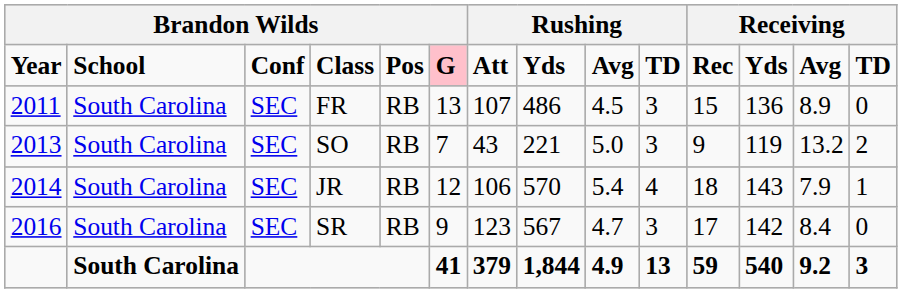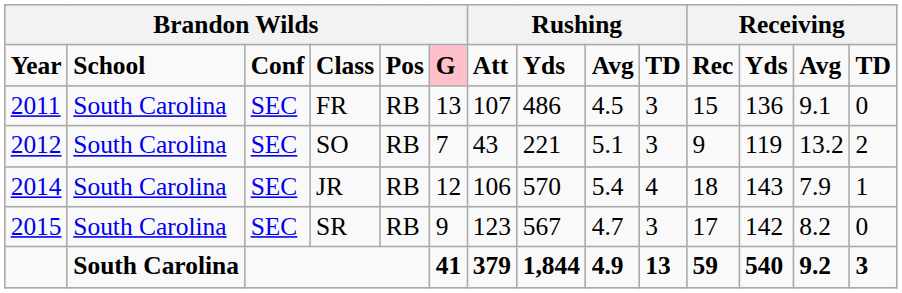 <table class="wikitable">
 <tr>
 <th colspan="6">Brandon Wilds</th>
 <th colspan="4" style="text-align: center; font-weight:bold;">Rushing</th>
 <th colspan="4" style="text-align: center; font-weight:bold;">Receiving</th>
 </tr>
 <tr>
 <td style="font-weight:bold;">Year</td>
 <td style="font-weight:bold;">School</td>
 <td style="font-weight:bold;">Conf</td>
 <td style="font-weight:bold;">Class</td>
 <td style="font-weight:bold;">Pos</td>
 <td style="background: pink; font-weight:bold;">G</td>
 <td style="font-weight:bold;">Att</td>
 <td style="font-weight:bold;">Yds</td>
 <td style="font-weight:bold;">Avg</td>
 <td style="font-weight:bold;">TD</td>
 <td style="font-weight:bold;">Rec</td>
 <td style="font-weight:bold;">Yds</td>
 <td style="font-weight:bold;">Avg</td>
 <td style="font-weight:bold;">TD</td>
 </tr>
 <tr>
 <td><a href='#'>2011</a></td>
 <td><a href='#'>South Carolina</a></td>
 <td><a href='#'>SEC</a></td>
 <td>FR</td>
 <td>RB</td>
 <td>13</td>
 <td>107</td>
 <td>486</td>
 <td>4.5</td>
 <td>3</td>
 <td>15</td>
 <td>136</td>
-<td>8.9</td>
+<td>9.1</td>
 <td>0</td>
 </tr>
 <tr>
-<td><a href='#'>2013</a></td>
+<td><a href='#'>2012</a></td>
 <td><a href='#'>South Carolina</a></td>
 <td><a href='#'>SEC</a></td>
 <td>SO</td>
 <td>RB</td>
 <td>7</td>
 <td>43</td>
 <td>221</td>
-<td>5.0</td>
+<td>5.1</td>
 <td>3</td>
 <td>9</td>
 <td>119</td>
 <td>13.2</td>
 <td>2</td>
 </tr>
 <tr>
 <td><a href='#'>2014</a></td>
 <td><a href='#'>South Carolina</a></td>
 <td><a href='#'>SEC</a></td>
 <td>JR</td>
 <td>RB</td>
 <td>12</td>
 <td>106</td>
 <td>570</td>
 <td>5.4</td>
 <td>4</td>
 <td>18</td>
 <td>143</td>
 <td>7.9</td>
 <td>1</td>
 </tr>
 <tr>
-<td><a href='#'>2016</a></td>
+<td><a href='#'>2015</a></td>
 <td><a href='#'>South Carolina</a></td>
 <td><a href='#'>SEC</a></td>
 <td>SR</td>
 <td>RB</td>
 <td>9</td>
 <td>123</td>
 <td>567</td>
 <td>4.7</td>
 <td>3</td>
 <td>17</td>
 <td>142</td>
-<td>8.4</td>
+<td>8.2</td>
 <td>0</td>
 </tr>
 <tr>
 <td style="font-weight:bold;"></td>
 <td style="font-weight:bold;">South Carolina</td>
 <td colspan="3" style="font-weight:bold;"></td>
 <td style="font-weight:bold;">41</td>
 <td style="font-weight:bold;">379</td>
 <td style="font-weight:bold;">1,844</td>
 <td style="font-weight:bold;">4.9</td>
 <td style="font-weight:bold;">13</td>
 <td style="font-weight:bold;">59</td>
 <td style="font-weight:bold;">540</td>
 <td style="font-weight:bold;">9.2</td>
 <td style="font-weight:bold;">3</td>
 </tr>
 </table>
